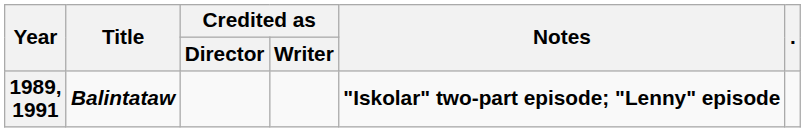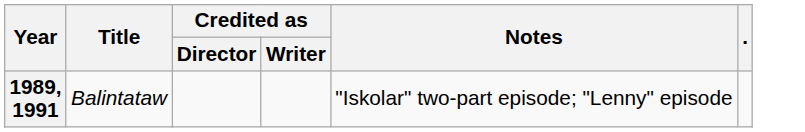 <table class="wikitable plainrowheaders">
 <tr>
 <th rowspan="2" scope="col">Year</th>
 <th rowspan="2" scope="col">Title</th>
 <th colspan="2" scope="col">Credited as</th>
 <th rowspan="2" scope="col" class="unsortable">Notes</th>
 <th rowspan="2" scope="col" class="unsortable">.</th>
 </tr>
 <tr>
 <th scope="col">Director</th>
 <th scope="col">Writer</th>
 </tr>
 <tr>
 <th style="text-align:center;">1989,<br>1991</th>
-<td scope="row"><strong><em>Balintataw</em></strong></td>
+<td scope="row"><em>Balintataw</em></td>
 <td></td>
 <td></td>
-<td><strong>"Iskolar" two-part episode; "Lenny" episode</strong></td>
+<td>"Iskolar" two-part episode; "Lenny" episode</td>
 <td style="text-align:center;"></td>
 </tr>
 </table>
